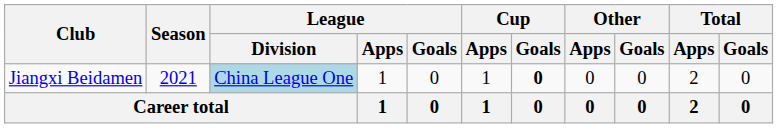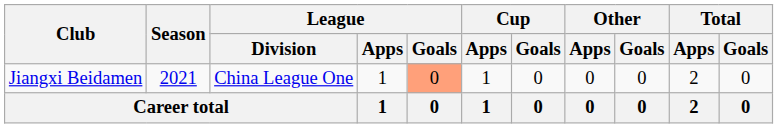 <table class="wikitable" style="text-align: center">
 <tr>
 <th rowspan="2">Club</th>
 <th rowspan="2">Season</th>
 <th colspan="3">League</th>
 <th colspan="2">Cup</th>
 <th colspan="2">Other</th>
 <th colspan="2">Total</th>
 </tr>
 <tr>
 <th>Division</th>
 <th>Apps</th>
 <th>Goals</th>
 <th>Apps</th>
 <th>Goals</th>
 <th>Apps</th>
 <th>Goals</th>
 <th>Apps</th>
 <th>Goals</th>
 </tr>
 <tr>
 <td><a href='#'>Jiangxi Beidamen</a></td>
 <td><a href='#'>2021</a></td>
-<td style="background: lightblue;"><a href='#'>China League One</a></td>
+<td><a href='#'>China League One</a></td>
+<td>1</td>
+<td style="background: lightsalmon;">0</td>
 <td>1</td>
 <td>0</td>
-<td>1</td>
-<td><strong>0</strong></td>
 <td>0</td>
 <td>0</td>
 <td>2</td>
 <td>0</td>
 </tr>
 <tr>
 <th colspan=3>Career total</th>
 <th>1</th>
 <th>0</th>
 <th>1</th>
 <th>0</th>
 <th>0</th>
 <th>0</th>
 <th>2</th>
 <th>0</th>
 </tr>
 </table>
